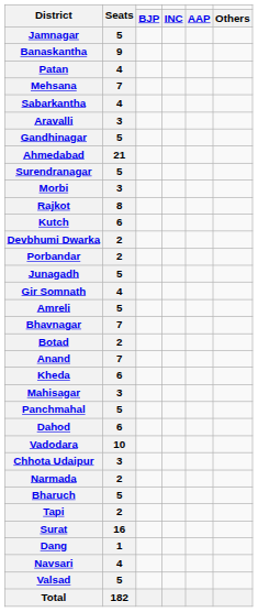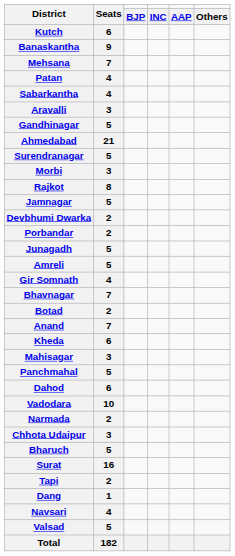 <table class="wikitable" style="text-align:center;">
 <tr>
 <th rowspan="2">District</th>
 <th rowspan="2">Seats</th>
 <td style="color:inherit;background:"></td>
 <td style="color:inherit;background:"></td>
 <td style="color:inherit;background:"></td>
 <td style="color:inherit;background:"></td>
 </tr>
 <tr>
 <th><a href='#'>BJP</a></th>
 <th><a href='#'>INC</a></th>
 <th><a href='#'>AAP</a></th>
 <th>Others</th>
 </tr>
 <tr>
-<th><a href='#'>Jamnagar</a></th>
-<th>5</th>
+<th><a href='#'>Kutch</a></th>
+<th>6</th>
 <td></td>
 <td></td>
 <td></td>
 <td></td>
 </tr>
 <tr>
 <th><a href='#'>Banaskantha</a></th>
 <th>9</th>
 <td></td>
 <td></td>
 <td></td>
 <td></td>
 </tr>
 <tr>
-<th><a href='#'>Patan</a></th>
-<th>4</th>
+<th><a href='#'>Mehsana</a></th>
+<th>7</th>
 <td></td>
 <td></td>
 <td></td>
 <td></td>
 </tr>
 <tr>
-<th><a href='#'>Mehsana</a></th>
-<th>7</th>
+<th><a href='#'>Patan</a></th>
+<th>4</th>
 <td></td>
 <td></td>
 <td></td>
 <td></td>
 </tr>
 <tr>
 <th><a href='#'>Sabarkantha</a></th>
 <th>4</th>
 <td></td>
 <td></td>
 <td></td>
 <td></td>
 </tr>
 <tr>
 <th><a href='#'>Aravalli</a></th>
 <th>3</th>
 <td></td>
 <td></td>
 <td></td>
 <td></td>
 </tr>
 <tr>
 <th><a href='#'>Gandhinagar</a></th>
 <th>5</th>
 <td></td>
 <td></td>
 <td></td>
 <td></td>
 </tr>
 <tr>
 <th><a href='#'>Ahmedabad</a></th>
 <th>21</th>
 <td></td>
 <td></td>
 <td></td>
 <td></td>
 </tr>
 <tr>
 <th><a href='#'>Surendranagar</a></th>
 <th>5</th>
 <td></td>
 <td></td>
 <td></td>
 <td></td>
 </tr>
 <tr>
 <th><a href='#'>Morbi</a></th>
 <th>3</th>
 <td></td>
 <td></td>
 <td></td>
 <td></td>
 </tr>
 <tr>
 <th><a href='#'>Rajkot</a></th>
 <th>8</th>
 <td></td>
 <td></td>
 <td></td>
 <td></td>
 </tr>
 <tr>
-<th><a href='#'>Kutch</a></th>
-<th>6</th>
+<th><a href='#'>Jamnagar</a></th>
+<th>5</th>
 <td></td>
 <td></td>
 <td></td>
 <td></td>
 </tr>
 <tr>
 <th><a href='#'>Devbhumi Dwarka</a></th>
 <th>2</th>
 <td></td>
 <td></td>
 <td></td>
 <td></td>
 </tr>
 <tr>
 <th><a href='#'>Porbandar</a></th>
 <th>2</th>
 <td></td>
 <td></td>
 <td></td>
 <td></td>
 </tr>
 <tr>
 <th><a href='#'>Junagadh</a></th>
 <th>5</th>
 <td></td>
 <td></td>
 <td></td>
 <td></td>
 </tr>
 <tr>
-<th><a href='#'>Gir Somnath</a></th>
-<th>4</th>
+<th><a href='#'>Amreli</a></th>
+<th>5</th>
 <td></td>
 <td></td>
 <td></td>
 <td></td>
 </tr>
 <tr>
-<th><a href='#'>Amreli</a></th>
-<th>5</th>
+<th><a href='#'>Gir Somnath</a></th>
+<th>4</th>
 <td></td>
 <td></td>
 <td></td>
 <td></td>
 </tr>
 <tr>
 <th><a href='#'>Bhavnagar</a></th>
 <th>7</th>
 <td></td>
 <td></td>
 <td></td>
 <td></td>
 </tr>
 <tr>
 <th><a href='#'>Botad</a></th>
 <th>2</th>
 <td></td>
 <td></td>
 <td></td>
 <td></td>
 </tr>
 <tr>
 <th><a href='#'>Anand</a></th>
 <th>7</th>
 <td></td>
 <td></td>
 <td></td>
 <td></td>
 </tr>
 <tr>
 <th><a href='#'>Kheda</a></th>
 <th>6</th>
 <td></td>
 <td></td>
 <td></td>
 <td></td>
 </tr>
 <tr>
 <th><a href='#'>Mahisagar</a></th>
 <th>3</th>
 <td></td>
 <td></td>
 <td></td>
 <td></td>
 </tr>
 <tr>
 <th><a href='#'>Panchmahal</a></th>
 <th>5</th>
 <td></td>
 <td></td>
 <td></td>
 <td></td>
 </tr>
 <tr>
 <th><a href='#'>Dahod</a></th>
 <th>6</th>
 <td></td>
 <td></td>
 <td></td>
 <td></td>
 </tr>
 <tr>
 <th><a href='#'>Vadodara</a></th>
 <th>10</th>
 <td></td>
 <td></td>
 <td></td>
 <td></td>
 </tr>
 <tr>
-<th><a href='#'>Chhota Udaipur</a></th>
-<th>3</th>
+<th><a href='#'>Narmada</a></th>
+<th>2</th>
 <td></td>
 <td></td>
 <td></td>
 <td></td>
 </tr>
 <tr>
-<th><a href='#'>Narmada</a></th>
-<th>2</th>
+<th><a href='#'>Chhota Udaipur</a></th>
+<th>3</th>
 <td></td>
 <td></td>
 <td></td>
 <td></td>
 </tr>
 <tr>
 <th><a href='#'>Bharuch</a></th>
 <th>5</th>
 <td></td>
 <td></td>
 <td></td>
 <td></td>
 </tr>
 <tr>
-<th><a href='#'>Tapi</a></th>
-<th>2</th>
+<th><a href='#'>Surat</a></th>
+<th>16</th>
 <td></td>
 <td></td>
 <td></td>
 <td></td>
 </tr>
 <tr>
-<th><a href='#'>Surat</a></th>
-<th>16</th>
+<th><a href='#'>Tapi</a></th>
+<th>2</th>
 <td></td>
 <td></td>
 <td></td>
 <td></td>
 </tr>
 <tr>
 <th><a href='#'>Dang</a></th>
 <th>1</th>
 <td></td>
 <td></td>
 <td></td>
 <td></td>
 </tr>
 <tr>
 <th><a href='#'>Navsari</a></th>
 <th>4</th>
 <td></td>
 <td></td>
 <td></td>
 <td></td>
 </tr>
 <tr>
 <th><a href='#'>Valsad</a></th>
 <th>5</th>
 <td></td>
 <td></td>
 <td></td>
 <td></td>
 </tr>
 <tr>
 <th>Total</th>
 <th>182</th>
 <th></th>
 <th></th>
 <th></th>
 <th></th>
 </tr>
 </table>
